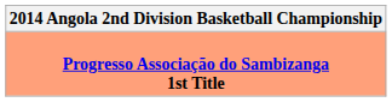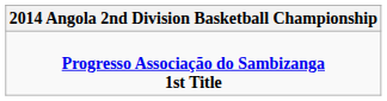 <table class=wikitable style="text-align:center; margin:auto">
 <tr>
 <th>2014 Angola 2nd Division Basketball Championship</th>
 </tr>
 <tr>
-<td style="background: lightsalmon;"><br><strong><a href='#'>Progresso Associação do Sambizanga</a></strong><br><strong>1st Title</strong></td>
+<td><br><strong><a href='#'>Progresso Associação do Sambizanga</a></strong><br><strong>1st Title</strong></td>
 </tr>
 </table>
